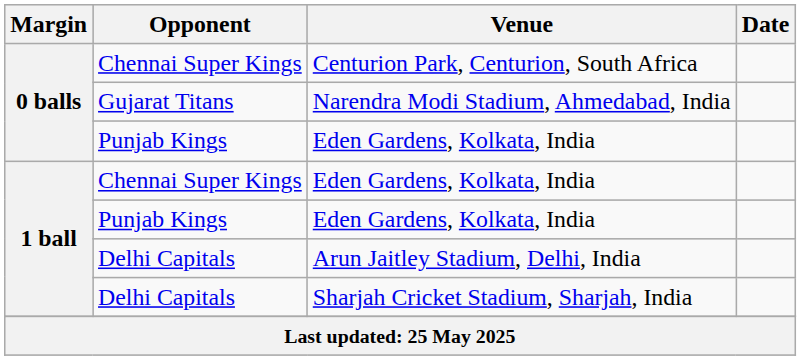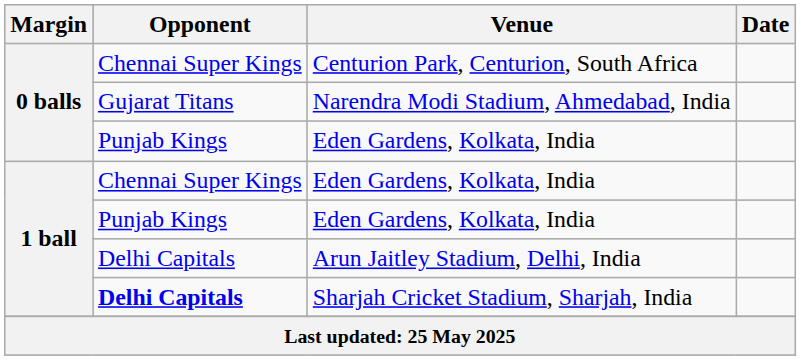 <table class="wikitable sortable" style="text-align:left;font-size:96%;">
 <tr>
 <th>Margin</th>
 <th>Opponent</th>
 <th>Venue</th>
 <th>Date</th>
 </tr>
 <tr>
 <th rowspan=3>0 balls</th>
 <td><a href='#'>Chennai Super Kings</a></td>
 <td><a href='#'>Centurion Park</a>, <a href='#'>Centurion</a>, South Africa</td>
 <td></td>
 </tr>
 <tr>
 <td><a href='#'>Gujarat Titans</a></td>
 <td><a href='#'>Narendra Modi Stadium</a>, <a href='#'>Ahmedabad</a>, India</td>
 <td></td>
 </tr>
 <tr>
 <td><a href='#'>Punjab Kings</a></td>
 <td><a href='#'>Eden Gardens</a>, <a href='#'>Kolkata</a>, India</td>
 <td></td>
 </tr>
 <tr>
 <th rowspan=4>1 ball</th>
 <td><a href='#'>Chennai Super Kings</a></td>
 <td><a href='#'>Eden Gardens</a>, <a href='#'>Kolkata</a>, India</td>
 <td></td>
 </tr>
 <tr>
 <td><a href='#'>Punjab Kings</a></td>
 <td><a href='#'>Eden Gardens</a>, <a href='#'>Kolkata</a>, India</td>
 <td></td>
 </tr>
 <tr>
 <td><a href='#'>Delhi Capitals</a></td>
 <td><a href='#'>Arun Jaitley Stadium</a>, <a href='#'>Delhi</a>, India</td>
 <td></td>
 </tr>
 <tr>
-<td><a href='#'>Delhi Capitals</a></td>
+<td><strong><a href='#'>Delhi Capitals</a></strong></td>
 <td><a href='#'>Sharjah Cricket Stadium</a>, <a href='#'>Sharjah</a>, India</td>
 <td></td>
 </tr>
 <tr>
 </tr>
 <tr class="sortbottom">
 <th colspan="4"><small>Last updated: 25 May 2025</small></th>
 </tr>
 </table>
